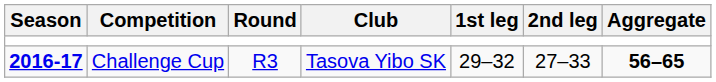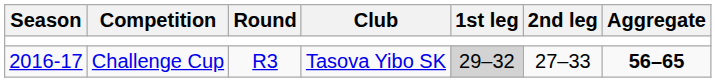 <table class="wikitable">
 <tr>
 <th>Season</th>
 <th>Competition</th>
 <th>Round</th>
 <th>Club</th>
 <th>1st leg</th>
 <th>2nd leg</th>
 <th>Aggregate</th>
 </tr>
 <tr>
 <td colspan="7" bgcolor=white></td>
 </tr>
 <tr>
-<td><strong><a href='#'>2016-17</a></strong></td>
+<td><a href='#'>2016-17</a></td>
 <td><a href='#'>Challenge Cup</a></td>
 <td style="text-align:center;"><a href='#'>R3</a></td>
 <td> <a href='#'>Tasova Yibo SK</a></td>
-<td style="text-align:center;">29–32</td>
+<td style="background: lightgrey; text-align:center;">29–32</td>
 <td style="text-align:center;">27–33</td>
 <td style="text-align:center;"><strong>56–65</strong></td>
 </tr>
 </table>
